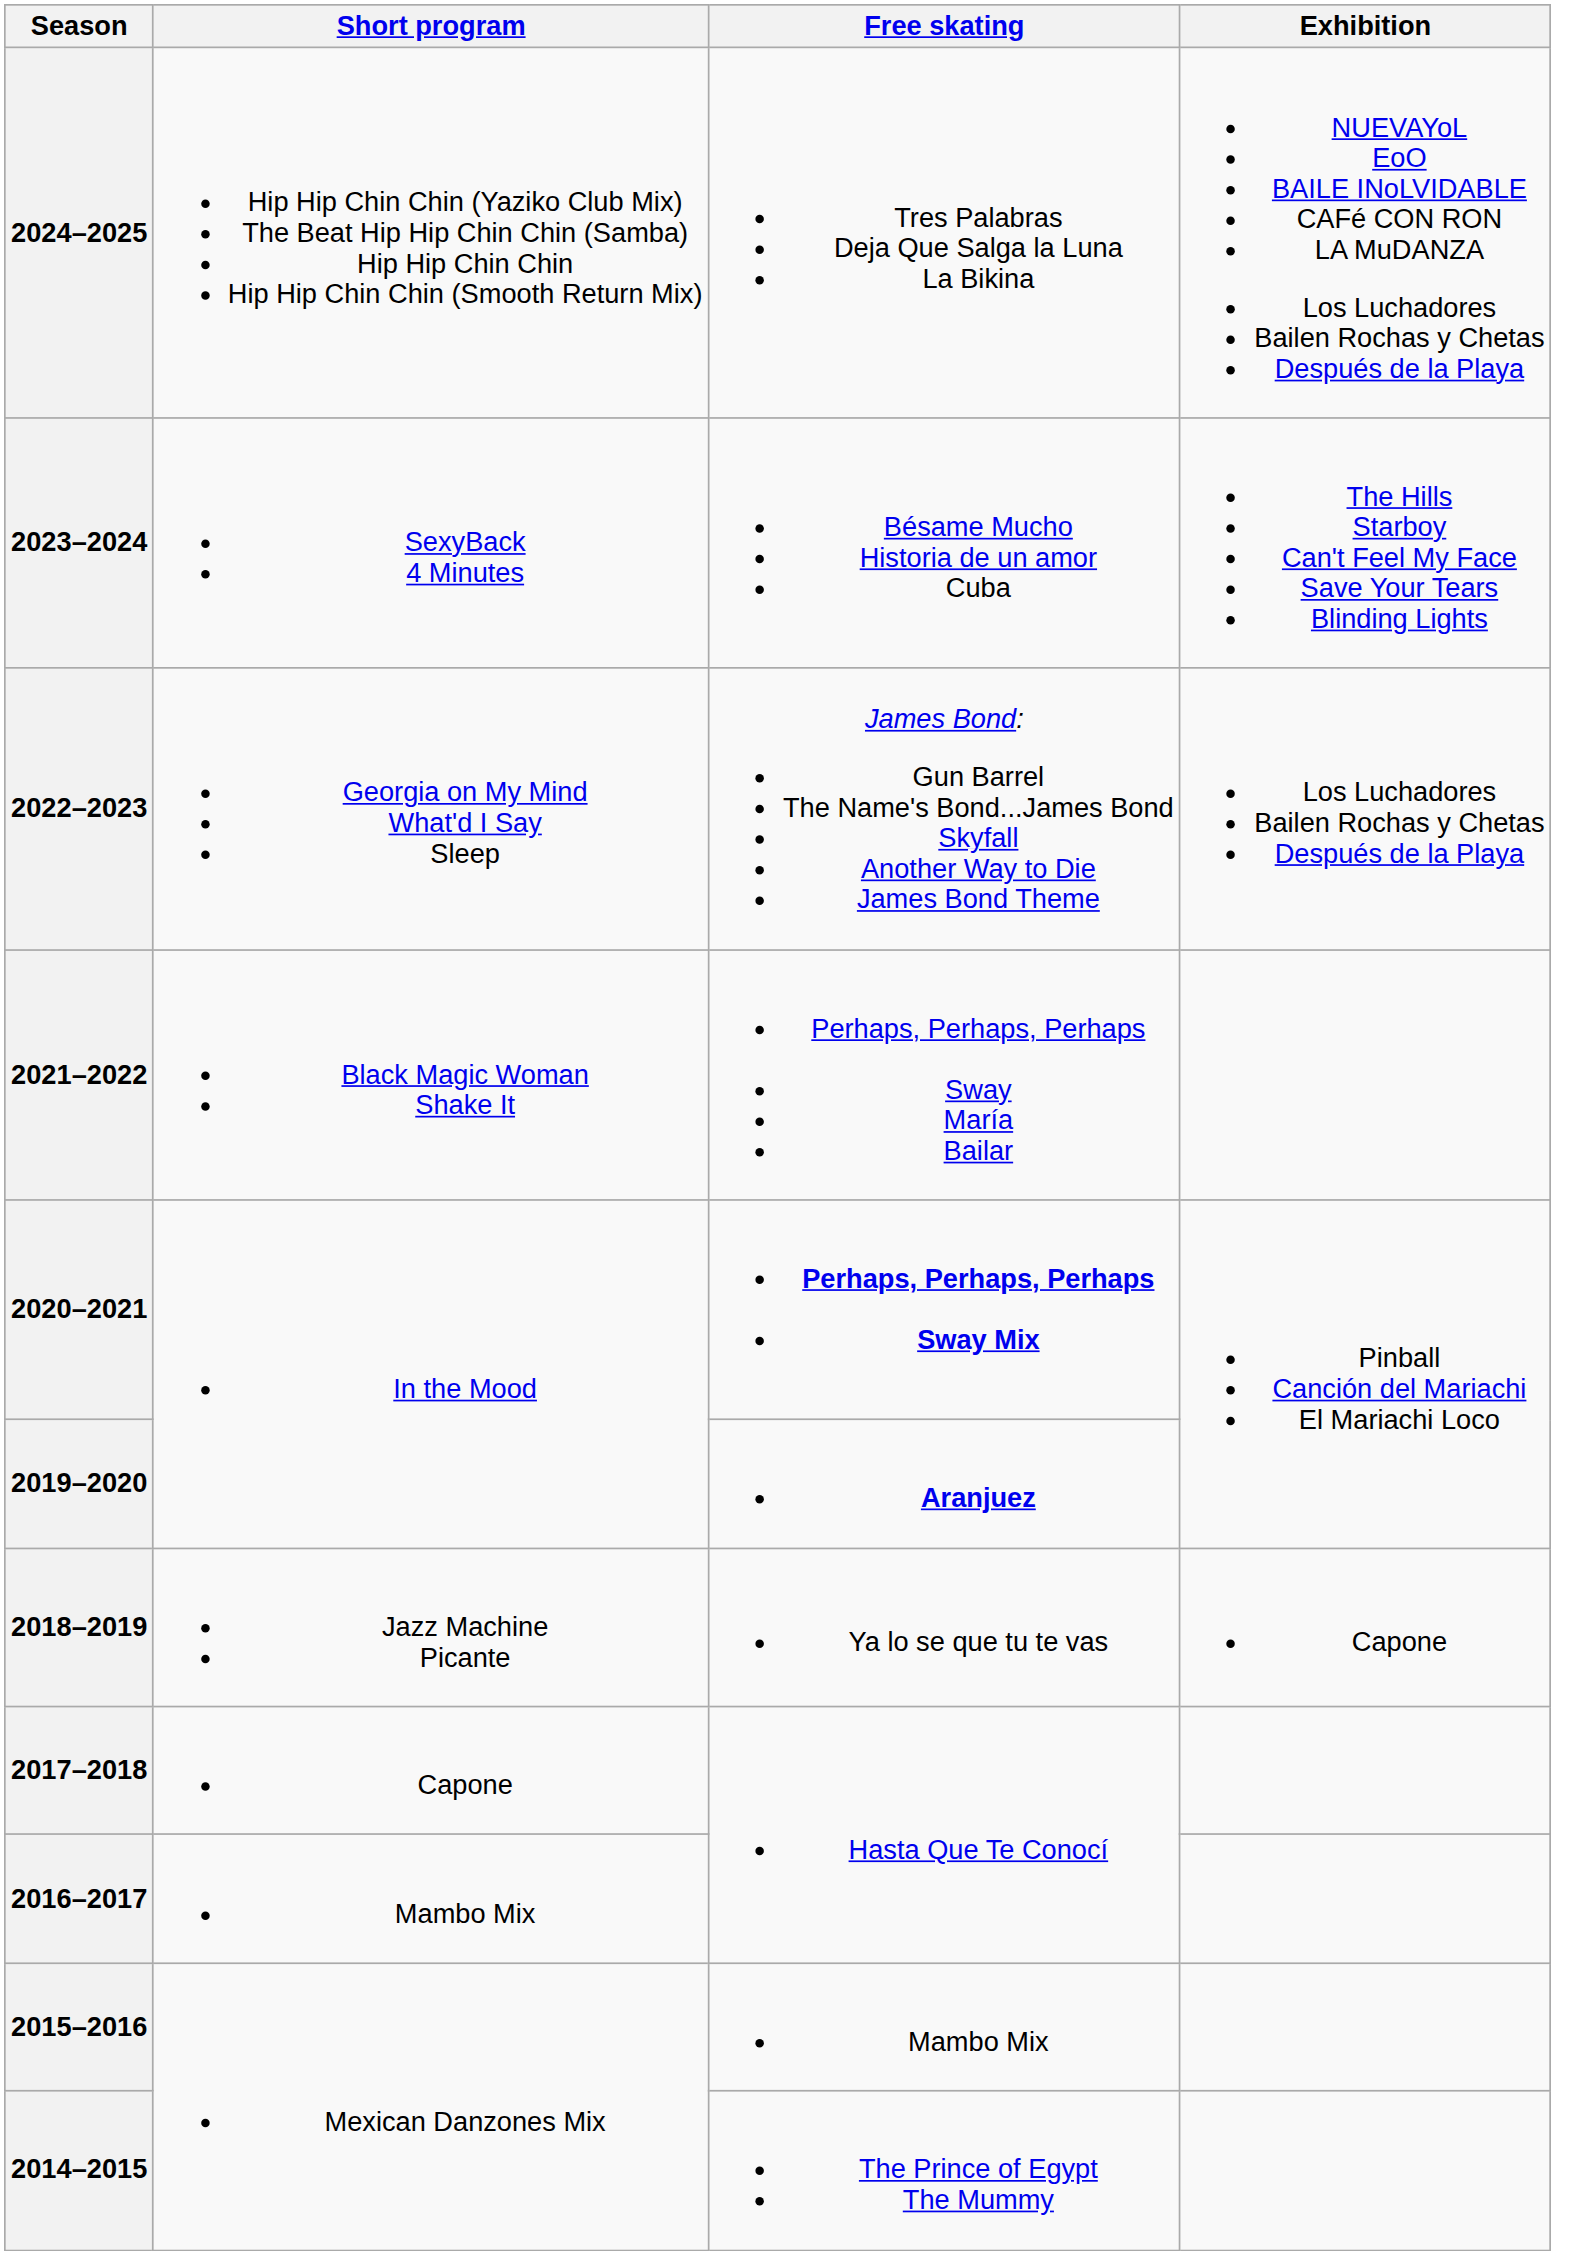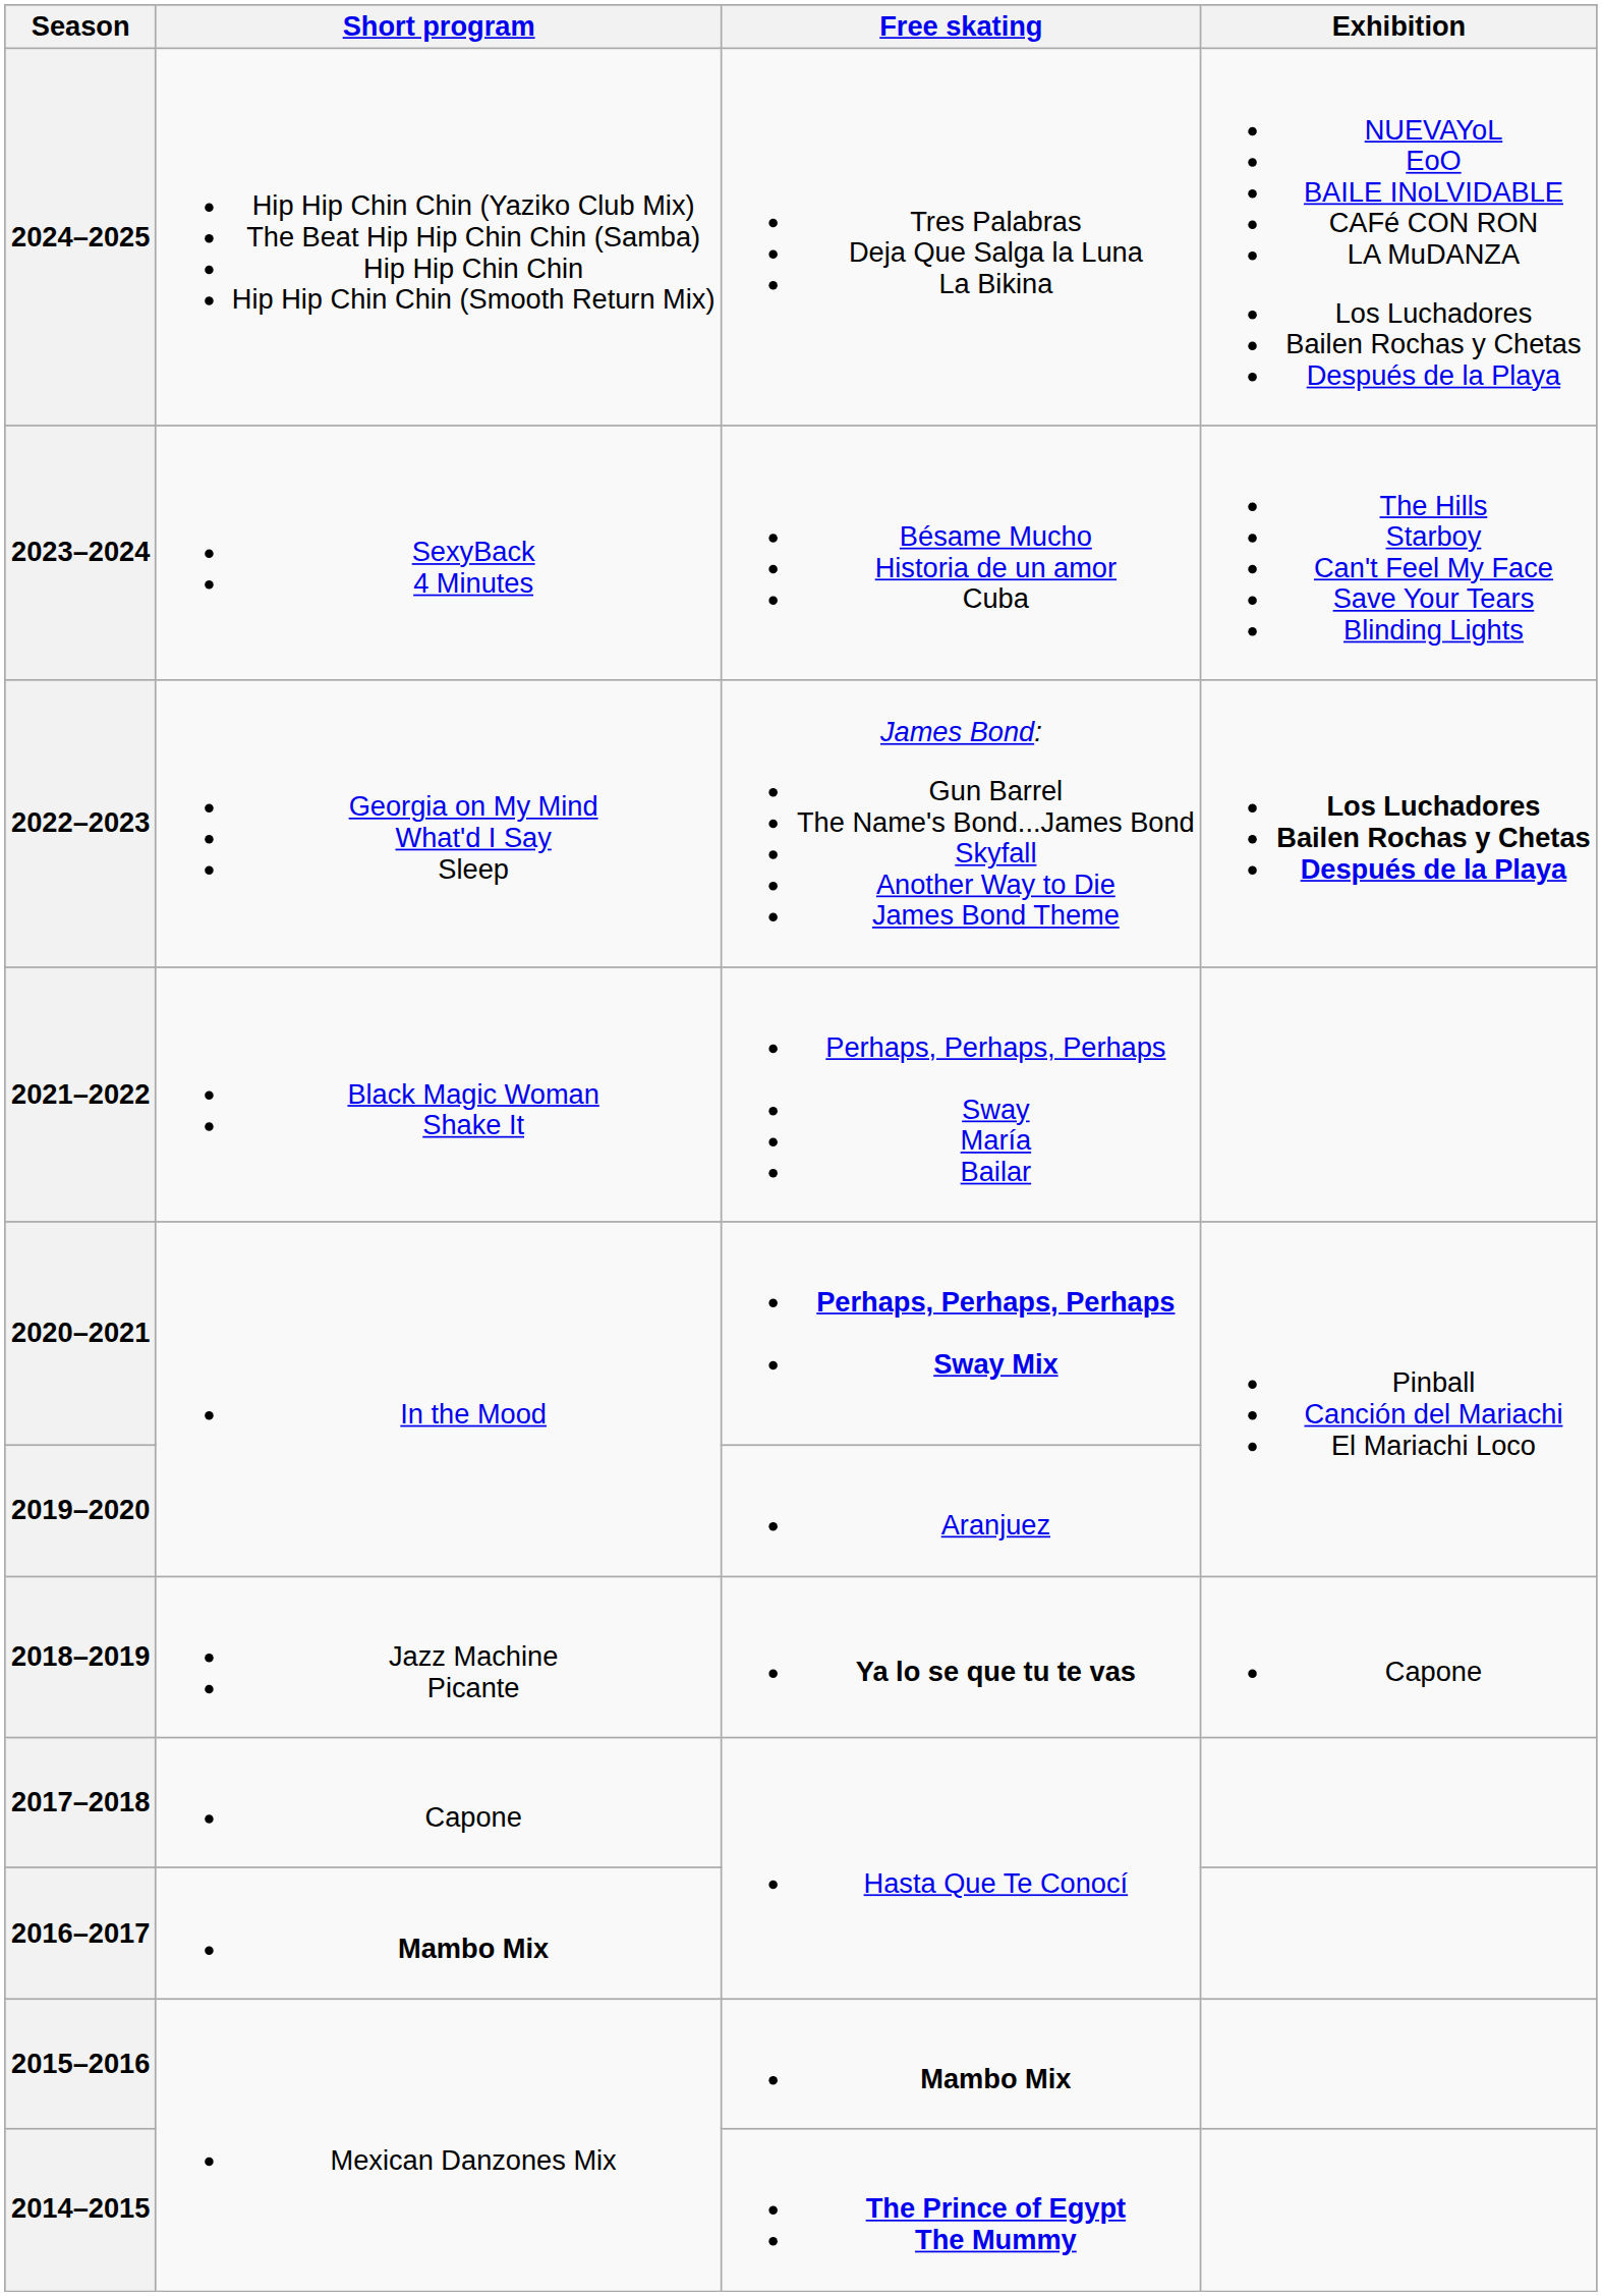 <table class=wikitable style=text-align:center>
 <tr>
 <th>Season</th>
 <th><a href='#'>Short program</a></th>
 <th><a href='#'>Free skating</a></th>
 <th>Exhibition</th>
 </tr>
 <tr>
 <th>2024–2025 <br> </th>
 <td><br><ul><li>Hip Hip Chin Chin (Yaziko Club Mix) <br> </li><li>The Beat Hip Hip Chin Chin (Samba) <br> </li><li>Hip Hip Chin Chin <br> </li><li>Hip Hip Chin Chin (Smooth Return Mix) <br></li></ul></td>
 <td><br><ul><li>Tres Palabras <br> </li><li>Deja Que Salga la Luna <br> </li><li>La Bikina <br> </li></ul></td>
 <td><br><ul><li><a href='#'>NUEVAYoL</a></li><li><a href='#'>EoO</a></li><li><a href='#'>BAILE INoLVIDABLE</a></li><li>CAFé CON RON</li><li>LA MuDANZA <br> </li></ul><ul><li>Los Luchadores <br></li><li>Bailen Rochas y Chetas <br></li><li><a href='#'>Después de la Playa</a> <br></li></ul></td>
 </tr>
 <tr>
 <th>2023–2024 <br> </th>
 <td><br><ul><li><a href='#'>SexyBack</a> <br> </li><li><a href='#'>4 Minutes</a> <br> </li></ul></td>
 <td><br><ul><li><a href='#'>Bésame Mucho</a> <br></li><li><a href='#'>Historia de un amor</a> <br></li><li>Cuba <br></li></ul></td>
 <td><br><ul><li><a href='#'>The Hills</a></li><li><a href='#'>Starboy</a></li><li><a href='#'>Can't Feel My Face</a></li><li><a href='#'>Save Your Tears</a></li><li><a href='#'>Blinding Lights</a> <br> </li></ul></td>
 </tr>
 <tr>
 <th>2022–2023 <br> </th>
 <td><br><ul><li><a href='#'>Georgia on My Mind</a></li><li><a href='#'>What'd I Say</a> <br> </li><li>Sleep <br> </li></ul></td>
 <td><br><em><a href='#'>James Bond</a>:</em><ul><li>Gun Barrel <br> </li><li>The Name's Bond...James Bond <br> </li><li><a href='#'>Skyfall</a> <br> </li><li><a href='#'>Another Way to Die</a> <br> </li><li><a href='#'>James Bond Theme</a> <br> </li></ul></td>
-<td><br><ul><li>Los Luchadores <br></li><li>Bailen Rochas y Chetas <br></li><li><a href='#'>Después de la Playa</a> <br></li></ul></td>
+<td><strong><br><ul><li>Los Luchadores <br></li><li>Bailen Rochas y Chetas <br></li><li><a href='#'>Después de la Playa</a> <br></li></ul></strong></td>
 </tr>
 <tr>
 <th>2021–2022 <br></th>
 <td><br><ul><li><a href='#'>Black Magic Woman</a> <br> </li><li><a href='#'>Shake It</a> <br> </li></ul></td>
 <td><br><ul><li><a href='#'>Perhaps, Perhaps, Perhaps</a> <br>  <br> </li><li><a href='#'>Sway</a> <br> </li><li><a href='#'>María</a> <br> </li><li><a href='#'>Bailar</a> <br> </li></ul></td>
 <td></td>
 </tr>
 <tr>
 <th>2020–2021 <br></th>
 <td rowspan="2"><br><ul><li><a href='#'>In the Mood</a> <br> </li></ul></td>
 <td><strong><br><ul><li><a href='#'>Perhaps, Perhaps, Perhaps</a> <br>  <br> </li><li><a href='#'>Sway Mix</a> <br>  <br> </li></ul></strong></td>
 <td rowspan="2"><br><ul><li>Pinball <br></li><li><a href='#'>Canción del Mariachi</a> <br></li><li>El Mariachi Loco <br></li></ul></td>
 </tr>
 <tr>
 <th>2019–2020 <br> </th>
-<td><strong><br><ul><li><a href='#'>Aranjuez</a> <br> </li></ul></strong></td>
+<td><br><ul><li><a href='#'>Aranjuez</a> <br> </li></ul></td>
 </tr>
 <tr>
 <th>2018–2019 <br> </th>
 <td><br><ul><li>Jazz Machine <br></li><li>Picante <br> </li></ul></td>
-<td><br><ul><li>Ya lo se que tu te vas <br> </li></ul></td>
+<td><strong><br><ul><li>Ya lo se que tu te vas <br> </li></ul></strong></td>
 <td><br><ul><li>Capone <br></li></ul></td>
 </tr>
 <tr>
 <th>2017–2018 <br> </th>
 <td><br><ul><li>Capone <br></li></ul></td>
 <td rowspan="2"><br><ul><li><a href='#'>Hasta Que Te Conocí</a> <br></li></ul></td>
 <td></td>
 </tr>
 <tr>
 <th>2016–2017 <br> </th>
-<td><br><ul><li>Mambo Mix <br></li></ul></td>
+<td><strong><br><ul><li>Mambo Mix <br></li></ul></strong></td>
 <td></td>
 </tr>
 <tr>
 <th>2015–2016 <br> </th>
 <td rowspan="2"><br><ul><li>Mexican Danzones Mix <br></li></ul></td>
-<td><br><ul><li>Mambo Mix <br></li></ul></td>
+<td><strong><br><ul><li>Mambo Mix <br></li></ul></strong></td>
 <td></td>
 </tr>
 <tr>
 <th>2014–2015 <br> </th>
-<td><br><ul><li><a href='#'>The Prince of Egypt</a> <br></li><li><a href='#'>The Mummy</a> <br></li></ul></td>
+<td><strong><br><ul><li><a href='#'>The Prince of Egypt</a> <br></li><li><a href='#'>The Mummy</a> <br></li></ul></strong></td>
 <td></td>
 </tr>
 </table>
